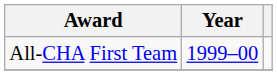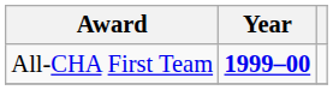 <table class="wikitable">
 <tr>
 <th>Award</th>
 <th>Year</th>
 <th></th>
 </tr>
 <tr>
 <td>All-<a href='#'>CHA</a> <a href='#'>First Team</a></td>
-<td><a href='#'>1999–00</a></td>
+<td><strong><a href='#'>1999–00</a></strong></td>
 <td></td>
 </tr>
 <tr>
 </tr>
 </table>
